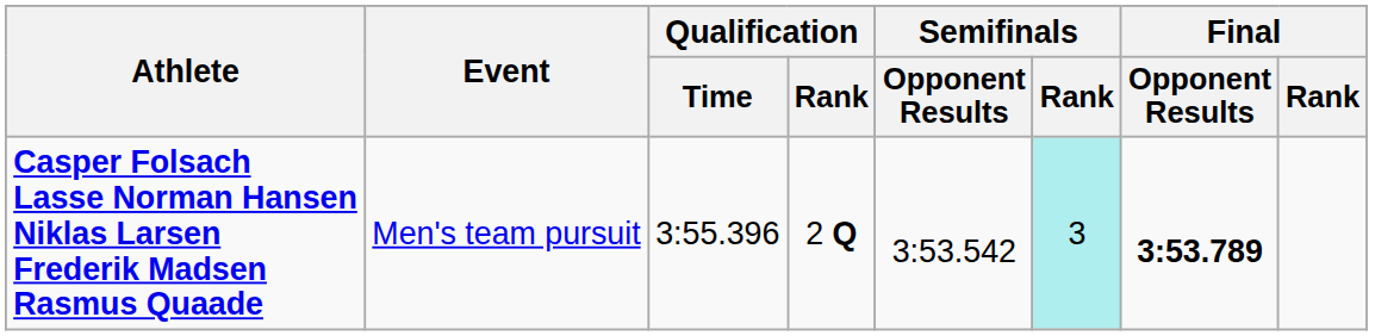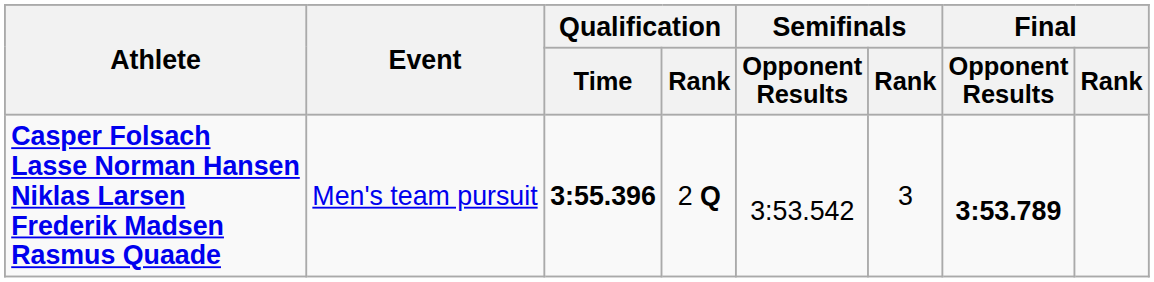 <table class="wikitable" style="font-size:90%">
 <tr>
 <th rowspan=2>Athlete</th>
 <th rowspan=2>Event</th>
 <th colspan=2>Qualification</th>
 <th colspan=2>Semifinals</th>
 <th colspan=2>Final</th>
 </tr>
 <tr style="font-size:95%">
 <th>Time</th>
 <th>Rank</th>
 <th>Opponent<br>Results</th>
 <th>Rank</th>
 <th>Opponent<br>Results</th>
 <th>Rank</th>
 </tr>
 <tr align=center>
 <td align=left><strong><a href='#'>Casper Folsach</a><br><a href='#'>Lasse Norman Hansen</a><br><a href='#'>Niklas Larsen</a><br><a href='#'>Frederik Madsen</a><br><a href='#'>Rasmus Quaade</a></strong></td>
 <td align=left><a href='#'>Men's team pursuit</a></td>
-<td>3:55.396</td>
+<td><strong>3:55.396</strong></td>
 <td>2 <strong>Q</strong></td>
 <td><br>3:53.542</td>
-<td style="background: paleturquoise;">3</td>
+<td>3</td>
 <td><strong><br>3:53.789</strong></td>
 <td></td>
 </tr>
 </table>
